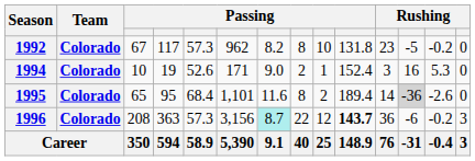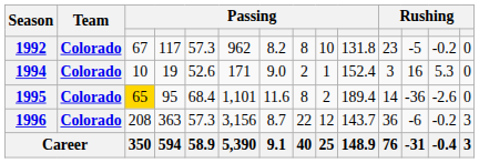 <table class="wikitable" style="text-align:center;">
 <tr>
 <th rowspan="2">Season</th>
 <th rowspan="2">Team</th>
 <th colspan="8">Passing</th>
 <th colspan="4">Rushing</th>
 </tr>
 <tr>
 <th></th>
 <th></th>
 <th></th>
 <th></th>
 <th></th>
 <th></th>
 <th></th>
 <th></th>
 <th></th>
 <th></th>
 <th></th>
 <th></th>
 </tr>
 <tr>
 <th><a href='#'>1992</a></th>
 <th><a href='#'>Colorado</a></th>
 <td>67</td>
 <td>117</td>
 <td>57.3</td>
 <td>962</td>
 <td>8.2</td>
 <td>8</td>
 <td>10</td>
 <td>131.8</td>
 <td>23</td>
 <td>-5</td>
 <td>-0.2</td>
 <td>0</td>
 </tr>
 <tr>
 <th><a href='#'>1994</a></th>
 <th><a href='#'>Colorado</a></th>
 <td>10</td>
 <td>19</td>
 <td>52.6</td>
 <td>171</td>
 <td>9.0</td>
 <td>2</td>
 <td>1</td>
 <td>152.4</td>
 <td>3</td>
 <td>16</td>
 <td>5.3</td>
 <td>0</td>
 </tr>
 <tr>
 <th><a href='#'>1995</a></th>
 <th><a href='#'>Colorado</a></th>
-<td>65</td>
+<td style="background: gold;">65</td>
 <td>95</td>
 <td>68.4</td>
 <td>1,101</td>
 <td>11.6</td>
 <td>8</td>
 <td>2</td>
 <td>189.4</td>
 <td>14</td>
-<td style="background: lightgrey;">-36</td>
+<td>-36</td>
 <td>-2.6</td>
 <td>0</td>
 </tr>
 <tr>
 <th><a href='#'>1996</a></th>
 <th><a href='#'>Colorado</a></th>
 <td>208</td>
 <td>363</td>
 <td>57.3</td>
 <td>3,156</td>
-<td style="background: paleturquoise;">8.7</td>
+<td>8.7</td>
 <td>22</td>
 <td>12</td>
-<td><strong>143.7</strong></td>
+<td>143.7</td>
 <td>36</td>
 <td>-6</td>
 <td>-0.2</td>
 <td>3</td>
 </tr>
 <tr>
 <th colspan="2">Career</th>
 <th>350</th>
 <th>594</th>
 <th>58.9</th>
 <th>5,390</th>
 <th>9.1</th>
 <th>40</th>
 <th>25</th>
 <th>148.9</th>
 <th>76</th>
 <th>-31</th>
 <th>-0.4</th>
 <th>3</th>
 </tr>
 </table>
